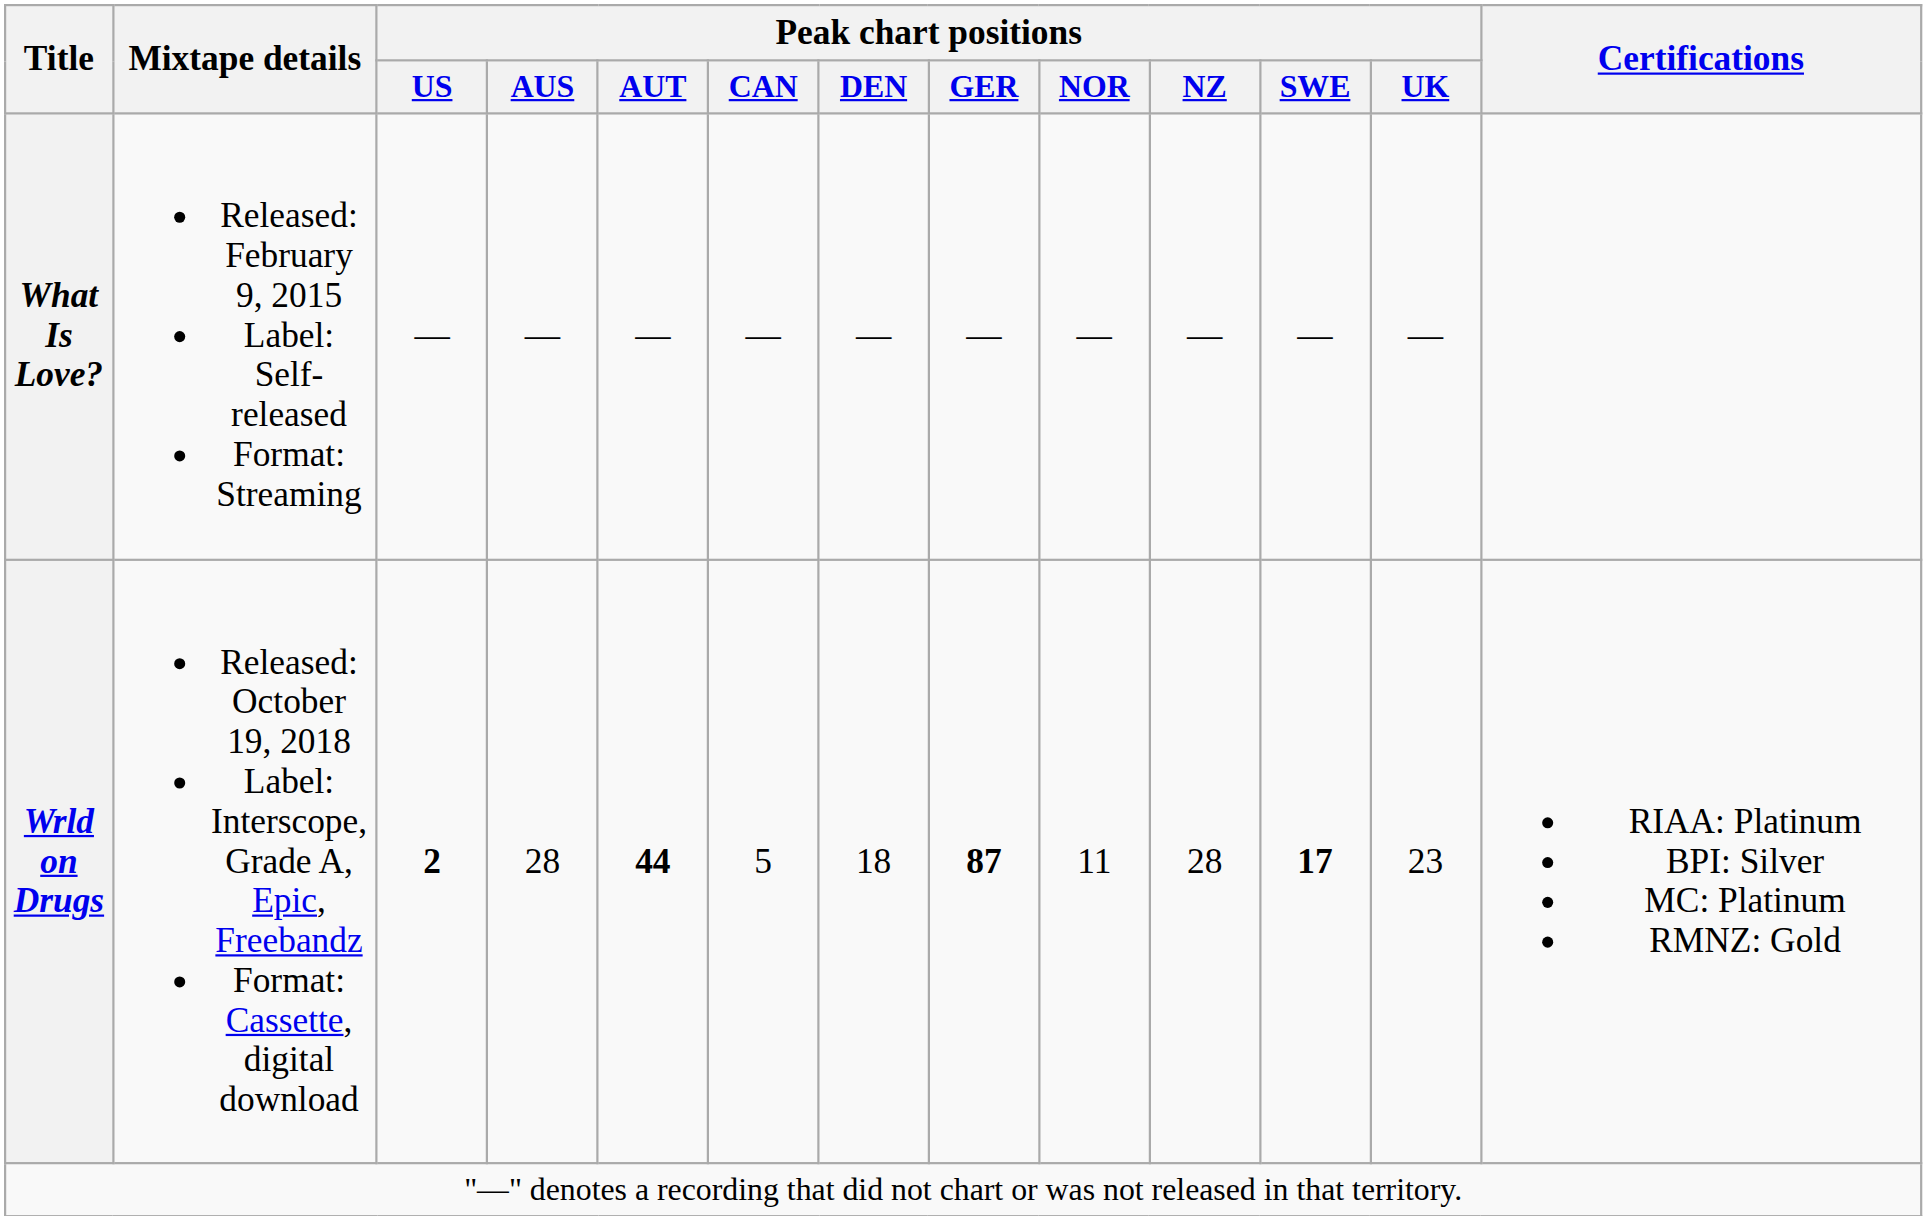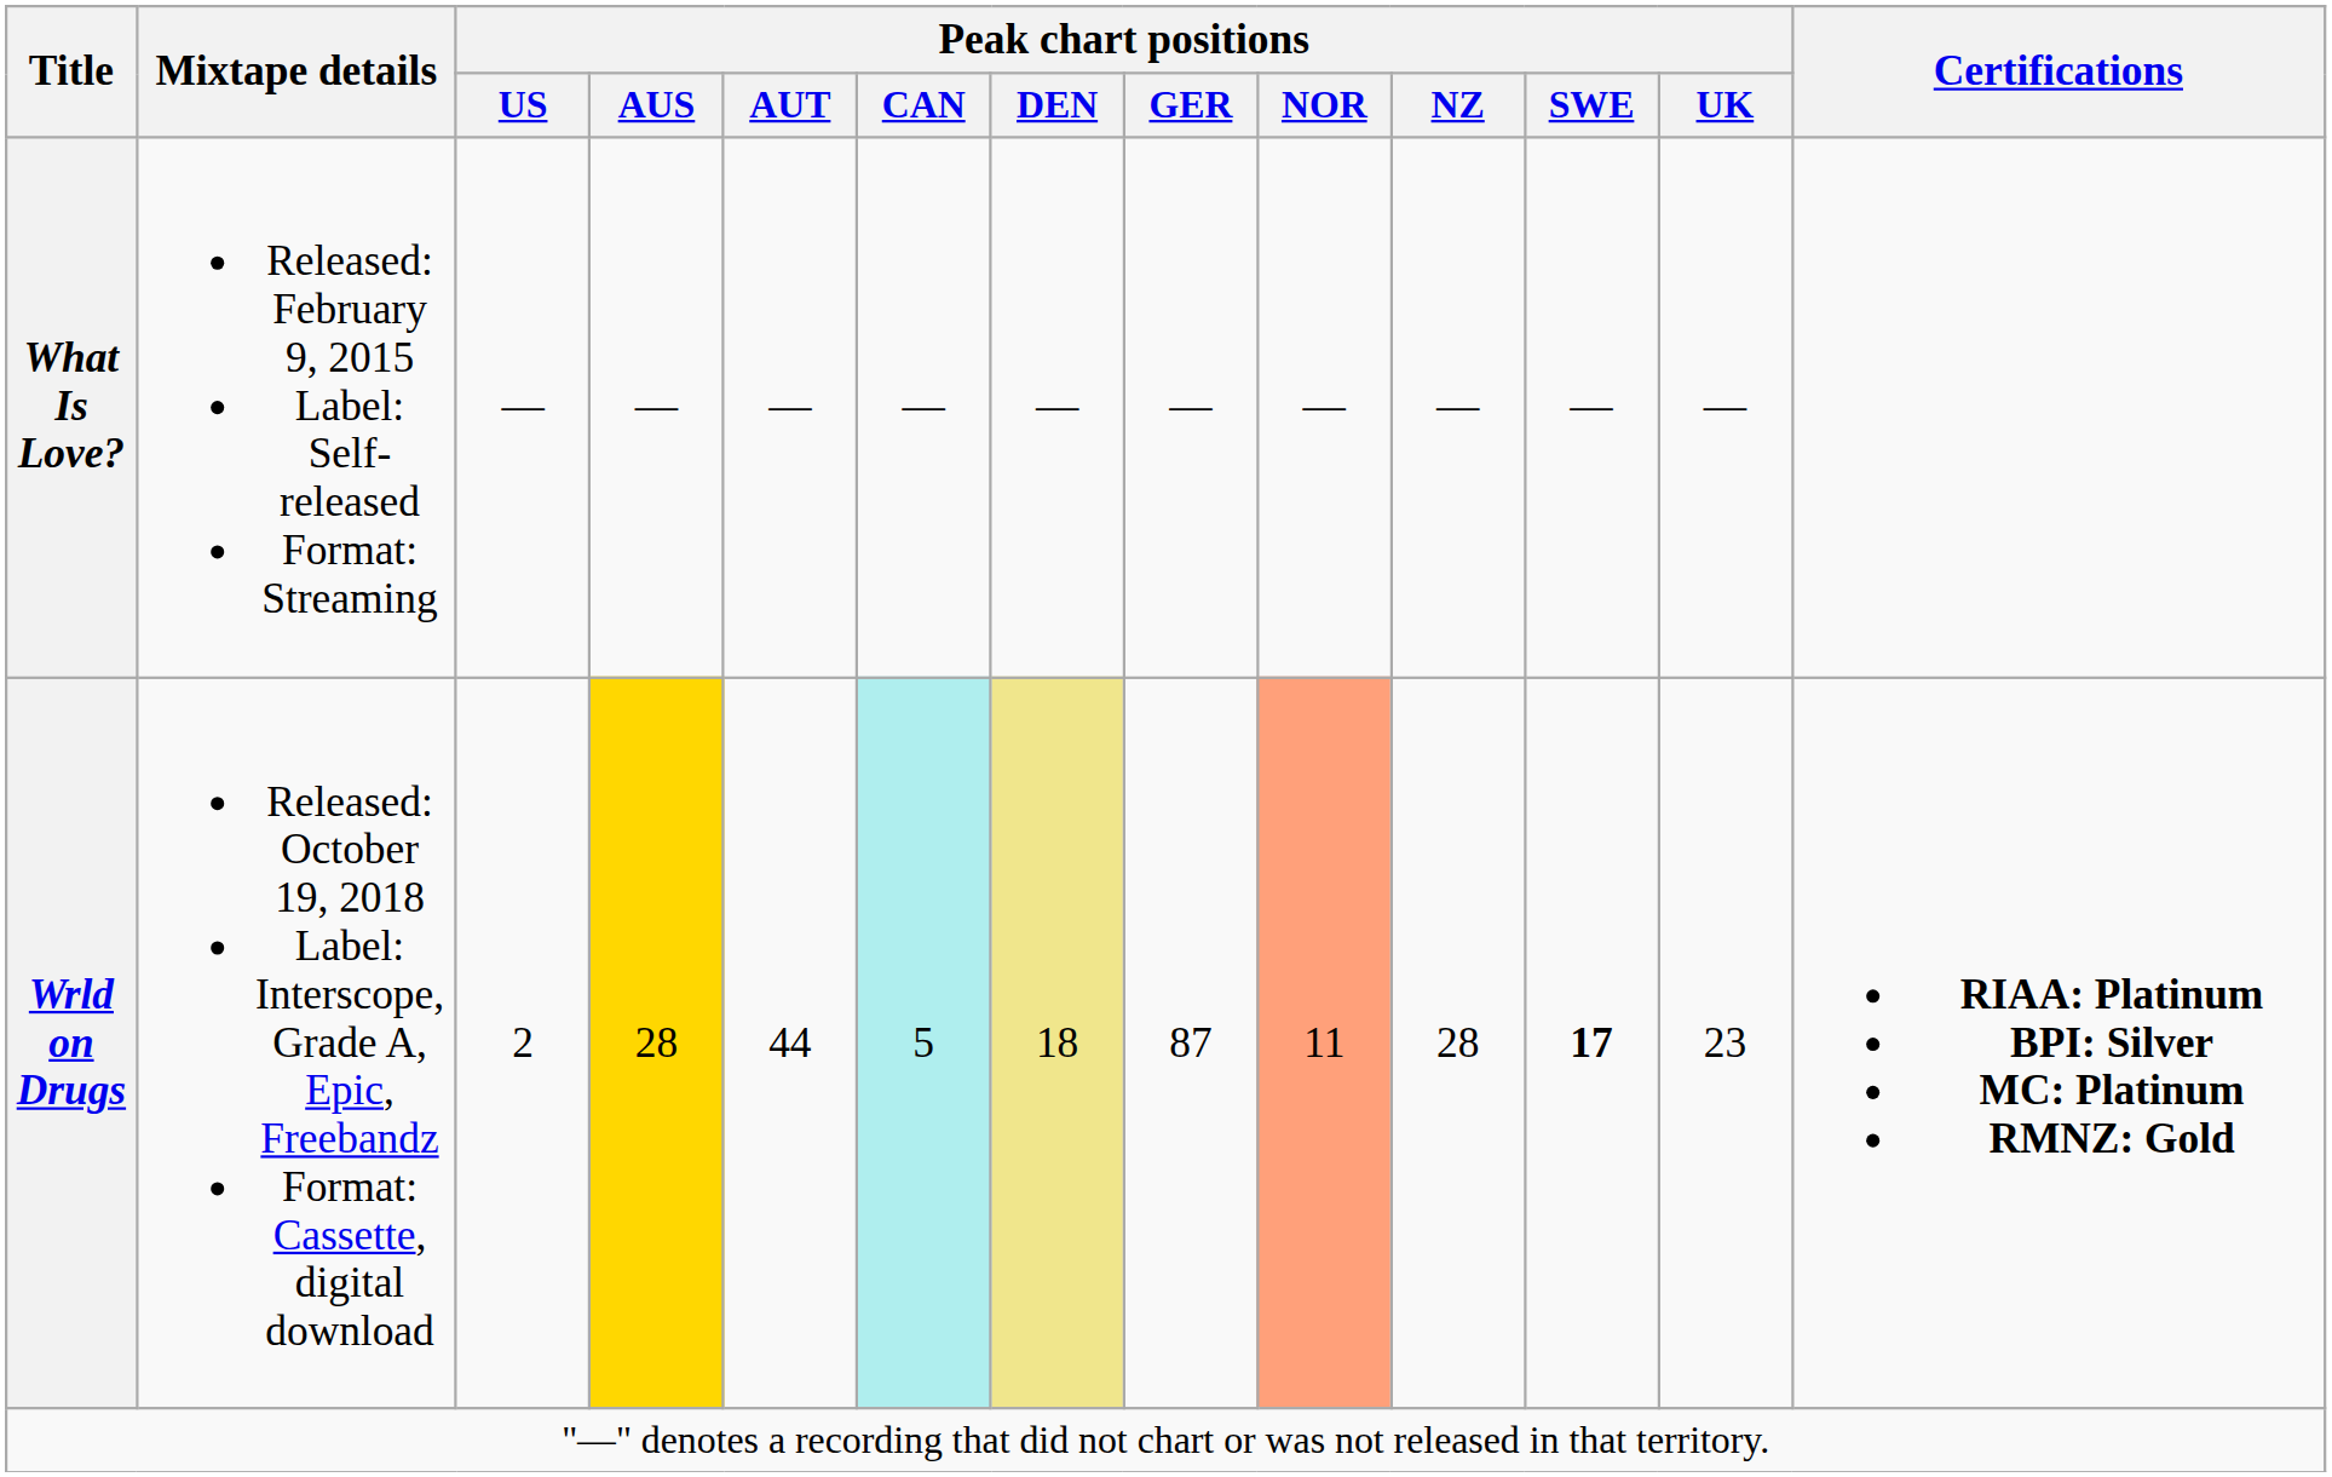 <table class="wikitable plainrowheaders" style="text-align:center;">
 <tr>
 <th scope="col" rowspan="2">Title</th>
 <th scope="col" rowspan="2">Mixtape details</th>
 <th scope="col" colspan="10">Peak chart positions</th>
 <th scope="col" rowspan="2" style="width:12em;"><a href='#'>Certifications</a></th>
 </tr>
 <tr>
 <th scope="col" style="width:3em;font-size:90%;"><a href='#'>US</a><br></th>
 <th scope="col" style="width:3em;font-size:90%;"><a href='#'>AUS</a><br></th>
 <th scope="col" style="width:3em;font-size:90%;"><a href='#'>AUT</a><br></th>
 <th scope="col" style="width:3em;font-size:90%;"><a href='#'>CAN</a><br></th>
 <th scope="col" style="width:3em;font-size:90%;"><a href='#'>DEN</a><br></th>
 <th scope="col" style="width:3em;font-size:90%;"><a href='#'>GER</a><br></th>
 <th scope="col" style="width:3em;font-size:90%;"><a href='#'>NOR</a><br></th>
 <th scope="col" style="width:3em;font-size:90%;"><a href='#'>NZ</a><br></th>
 <th scope="col" style="width:3em;font-size:90%;"><a href='#'>SWE</a><br></th>
 <th scope="col" style="width:3em;font-size:90%;"><a href='#'>UK</a><br></th>
 </tr>
 <tr>
 <th scope="row"><em>What Is Love?</em><br></th>
 <td><br><ul><li>Released: February 9, 2015</li><li>Label: Self-released</li><li>Format: Streaming</li></ul></td>
 <td>—</td>
 <td>—</td>
 <td>—</td>
 <td>—</td>
 <td>—</td>
 <td>—</td>
 <td>—</td>
 <td>—</td>
 <td>—</td>
 <td>—</td>
 <td></td>
 </tr>
 <tr>
 <th scope="row"><em><a href='#'>Wrld on Drugs</a></em><br></th>
 <td><br><ul><li>Released: October 19, 2018</li><li>Label: Interscope, Grade A, <a href='#'>Epic</a>, <a href='#'>Freebandz</a></li><li>Format: <a href='#'>Cassette</a>, digital download</li></ul></td>
-<td><strong>2</strong></td>
-<td>28</td>
-<td><strong>44</strong></td>
-<td>5</td>
-<td>18</td>
-<td><strong>87</strong></td>
-<td>11</td>
+<td>2</td>
+<td style="background: gold;">28</td>
+<td>44</td>
+<td style="background: paleturquoise;">5</td>
+<td style="background: khaki;">18</td>
+<td>87</td>
+<td style="background: lightsalmon;">11</td>
 <td>28</td>
 <td><strong>17</strong></td>
 <td>23</td>
-<td><br><ul><li>RIAA: Platinum</li><li>BPI: Silver</li><li>MC: Platinum</li><li>RMNZ: Gold</li></ul></td>
+<td><strong><br><ul><li>RIAA: Platinum</li><li>BPI: Silver</li><li>MC: Platinum</li><li>RMNZ: Gold</li></ul></strong></td>
 </tr>
 <tr>
 <td colspan="14" style="font-size:90%">"—" denotes a recording that did not chart or was not released in that territory.</td>
 </tr>
 </table>
